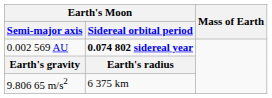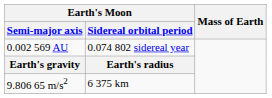 <table class="wikitable floatright">
 <tr>
 <th colspan=2>Earth's Moon</th>
 <th rowspan=2>Mass of Earth</th>
 </tr>
 <tr>
 <th><a href='#'>Semi-major axis</a></th>
 <th><a href='#'>Sidereal orbital period</a></th>
 </tr>
 <tr>
 <td>0.002 569 <a href='#'>AU</a></td>
-<td><strong>0.074 802 <a href='#'>sidereal year</a></strong></td>
+<td>0.074 802 <a href='#'>sidereal year</a></td>
 <td rowspan=3></td>
 </tr>
 <tr>
 <th>Earth's gravity</th>
 <th>Earth's radius</th>
 </tr>
 <tr>
 <td>9.806 65 m/s<sup>2</sup></td>
 <td>6 375 km</td>
 </tr>
 </table>
